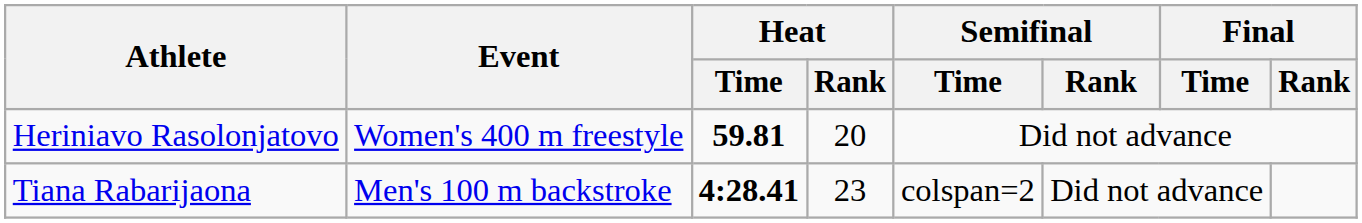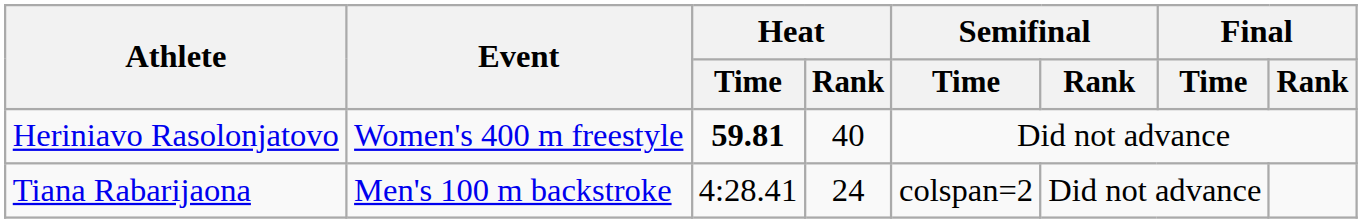 <table class=wikitable style="font-size:90%">
 <tr>
 <th rowspan="2">Athlete</th>
 <th rowspan="2">Event</th>
 <th colspan="2">Heat</th>
 <th colspan="2">Semifinal</th>
 <th colspan="2">Final</th>
 </tr>
 <tr style="font-size:95%">
 <th>Time</th>
 <th>Rank</th>
 <th>Time</th>
 <th>Rank</th>
 <th>Time</th>
 <th>Rank</th>
 </tr>
 <tr align=center>
 <td align=left><a href='#'>Heriniavo Rasolonjatovo</a></td>
 <td align=left><a href='#'>Women's 400 m freestyle</a></td>
 <td><strong>59.81</strong></td>
-<td>20</td>
+<td>40</td>
 <td colspan=4>Did not advance</td>
 </tr>
 <tr align=center>
 <td align=left><a href='#'>Tiana Rabarijaona</a></td>
 <td align=left><a href='#'>Men's 100 m backstroke</a></td>
-<td><strong>4:28.41</strong></td>
-<td>23</td>
+<td>4:28.41</td>
+<td>24</td>
 <td>colspan=2 </td>
 <td colspan=2>Did not advance</td>
 </tr>
 </table>
